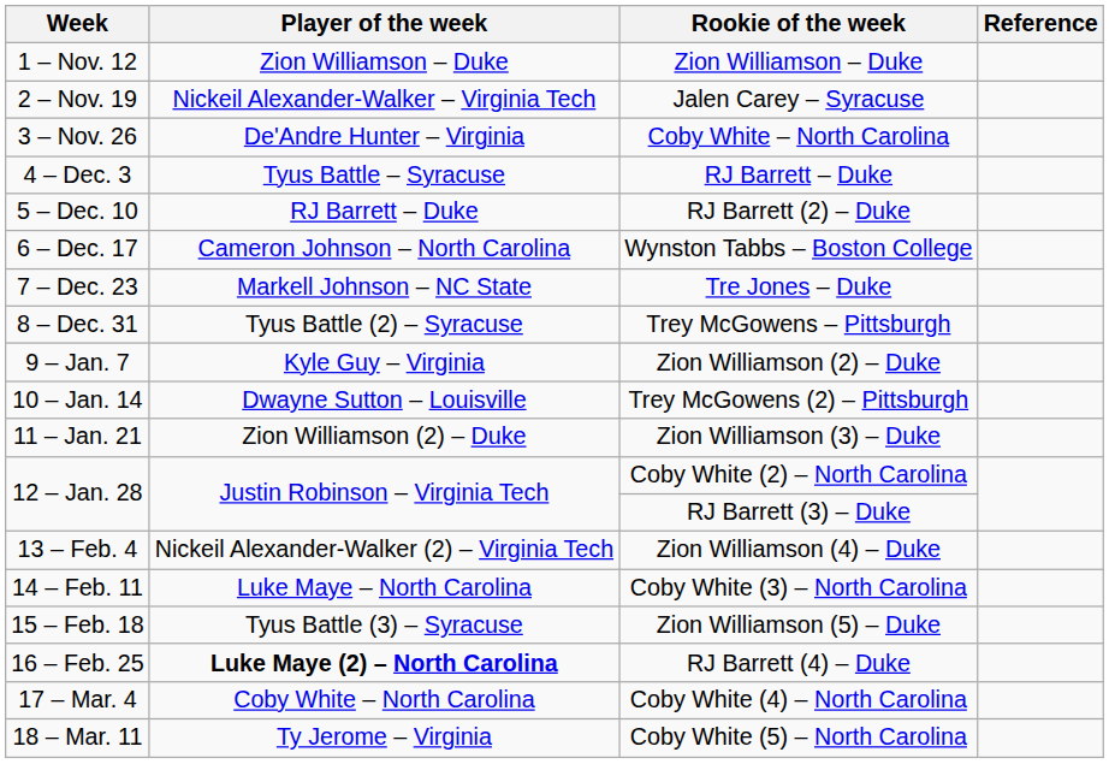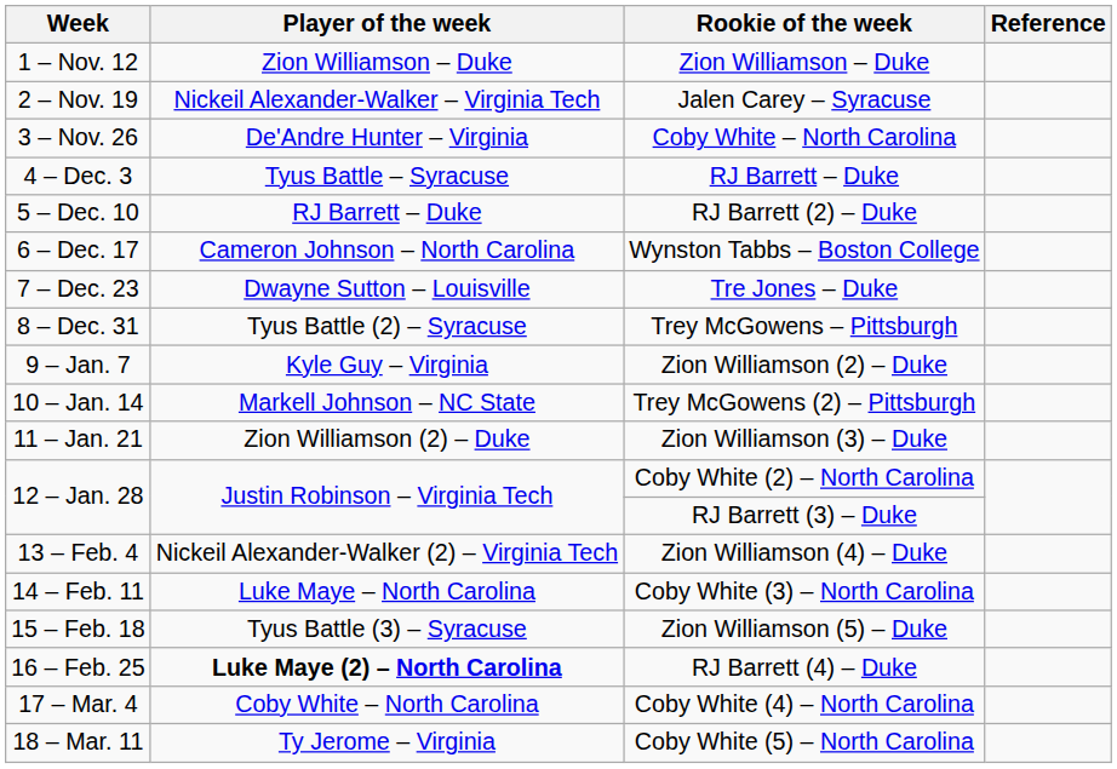 <table class="wikitable" border="1" style="text-align: center;">
 <tr>
 <th>Week</th>
 <th>Player of the week</th>
 <th>Rookie of the week</th>
 <th>Reference</th>
 </tr>
 <tr>
 <td>1 – Nov. 12</td>
 <td><a href='#'>Zion Williamson</a> – <a href='#'>Duke</a></td>
 <td><a href='#'>Zion Williamson</a> – <a href='#'>Duke</a></td>
 <td></td>
 </tr>
 <tr>
 <td>2 – Nov. 19</td>
 <td><a href='#'>Nickeil Alexander-Walker</a> – <a href='#'>Virginia Tech</a></td>
 <td>Jalen Carey – <a href='#'>Syracuse</a></td>
 <td></td>
 </tr>
 <tr>
 <td>3 – Nov. 26</td>
 <td><a href='#'>De'Andre Hunter</a> – <a href='#'>Virginia</a></td>
 <td><a href='#'>Coby White</a> – <a href='#'>North Carolina</a></td>
 <td></td>
 </tr>
 <tr>
 <td>4 – Dec. 3</td>
 <td><a href='#'>Tyus Battle</a> – <a href='#'>Syracuse</a></td>
 <td><a href='#'>RJ Barrett</a> – <a href='#'>Duke</a></td>
 <td></td>
 </tr>
 <tr>
 <td>5 – Dec. 10</td>
 <td><a href='#'>RJ Barrett</a> – <a href='#'>Duke</a></td>
 <td>RJ Barrett (2) – <a href='#'>Duke</a></td>
 <td></td>
 </tr>
 <tr>
 <td>6 – Dec. 17</td>
 <td><a href='#'>Cameron Johnson</a> – <a href='#'>North Carolina</a></td>
 <td>Wynston Tabbs – <a href='#'>Boston College</a></td>
 <td></td>
 </tr>
 <tr>
 <td>7 – Dec. 23</td>
-<td><a href='#'>Markell Johnson</a> – <a href='#'>NC State</a></td>
+<td><a href='#'>Dwayne Sutton</a> – <a href='#'>Louisville</a></td>
 <td><a href='#'>Tre Jones</a> – <a href='#'>Duke</a></td>
 <td></td>
 </tr>
 <tr>
 <td>8 – Dec. 31</td>
 <td>Tyus Battle (2) – <a href='#'>Syracuse</a></td>
 <td>Trey McGowens – <a href='#'>Pittsburgh</a></td>
 <td></td>
 </tr>
 <tr>
 <td>9 – Jan. 7</td>
 <td><a href='#'>Kyle Guy</a> – <a href='#'>Virginia</a></td>
 <td>Zion Williamson (2) – <a href='#'>Duke</a></td>
 <td></td>
 </tr>
 <tr>
 <td>10 – Jan. 14</td>
-<td><a href='#'>Dwayne Sutton</a> – <a href='#'>Louisville</a></td>
+<td><a href='#'>Markell Johnson</a> – <a href='#'>NC State</a></td>
 <td>Trey McGowens (2) – <a href='#'>Pittsburgh</a></td>
 <td></td>
 </tr>
 <tr>
 <td>11 – Jan. 21</td>
 <td>Zion Williamson (2) – <a href='#'>Duke</a></td>
 <td>Zion Williamson (3) – <a href='#'>Duke</a></td>
 <td></td>
 </tr>
 <tr>
 <td rowspan="2">12 – Jan. 28</td>
 <td rowspan="2"><a href='#'>Justin Robinson</a> – <a href='#'>Virginia Tech</a></td>
 <td>Coby White (2) – <a href='#'>North Carolina</a></td>
 <td rowspan=2></td>
 </tr>
 <tr>
 <td>RJ Barrett (3) – <a href='#'>Duke</a></td>
 </tr>
 <tr>
 <td>13 – Feb. 4</td>
 <td>Nickeil Alexander-Walker (2) – <a href='#'>Virginia Tech</a></td>
 <td>Zion Williamson (4) – <a href='#'>Duke</a></td>
 <td></td>
 </tr>
 <tr>
 <td>14 – Feb. 11</td>
 <td><a href='#'>Luke Maye</a> – <a href='#'>North Carolina</a></td>
 <td>Coby White (3) – <a href='#'>North Carolina</a></td>
 <td></td>
 </tr>
 <tr>
 <td>15 – Feb. 18</td>
 <td>Tyus Battle (3) – <a href='#'>Syracuse</a></td>
 <td>Zion Williamson (5) – <a href='#'>Duke</a></td>
 <td></td>
 </tr>
 <tr>
 <td>16 – Feb. 25</td>
 <td><strong>Luke Maye (2) – <a href='#'>North Carolina</a></strong></td>
 <td>RJ Barrett (4) – <a href='#'>Duke</a></td>
 <td></td>
 </tr>
 <tr>
 <td>17 – Mar. 4</td>
 <td><a href='#'>Coby White</a> – <a href='#'>North Carolina</a></td>
 <td>Coby White (4) – <a href='#'>North Carolina</a></td>
 <td></td>
 </tr>
 <tr>
 <td>18 – Mar. 11</td>
 <td><a href='#'>Ty Jerome</a> – <a href='#'>Virginia</a></td>
 <td>Coby White (5) – <a href='#'>North Carolina</a></td>
 <td></td>
 </tr>
 </table>
